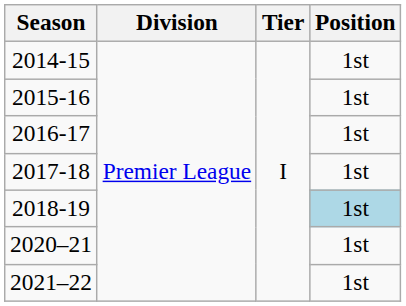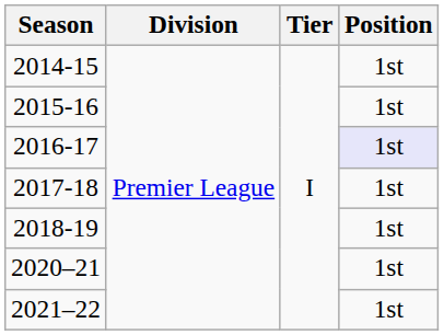 <table class="wikitable">
 <tr>
 <th>Season</th>
 <th>Division</th>
 <th>Tier</th>
 <th>Position</th>
 </tr>
 <tr align="center">
 <td>2014-15</td>
 <td rowspan=7 align="center"><a href='#'>Premier League</a></td>
 <td rowspan=7 align="center">I</td>
 <td>1st</td>
 </tr>
 <tr align="center">
 <td>2015-16</td>
 <td>1st</td>
 </tr>
 <tr align="center">
 <td>2016-17</td>
-<td>1st</td>
+<td style="background: lavender;">1st</td>
 </tr>
 <tr align="center">
 <td>2017-18</td>
 <td>1st</td>
 </tr>
 <tr align="center">
 <td>2018-19</td>
-<td style="background: lightblue;">1st</td>
+<td>1st</td>
 </tr>
 <tr align="center">
 <td>2020–21</td>
 <td>1st</td>
 </tr>
 <tr align="center">
 <td>2021–22</td>
 <td>1st</td>
 </tr>
 </table>
